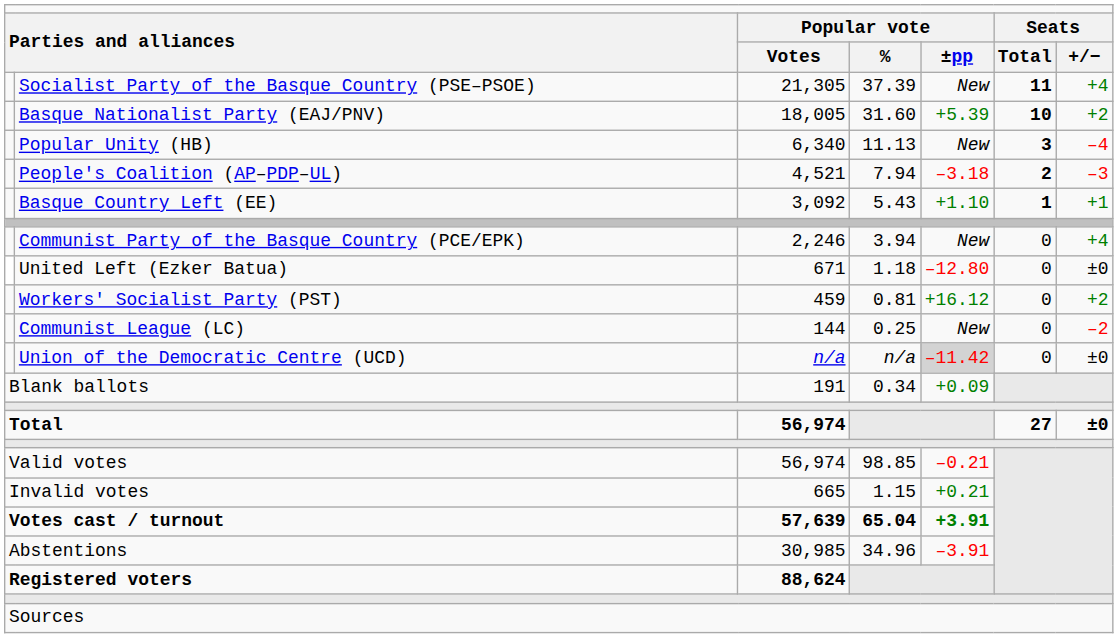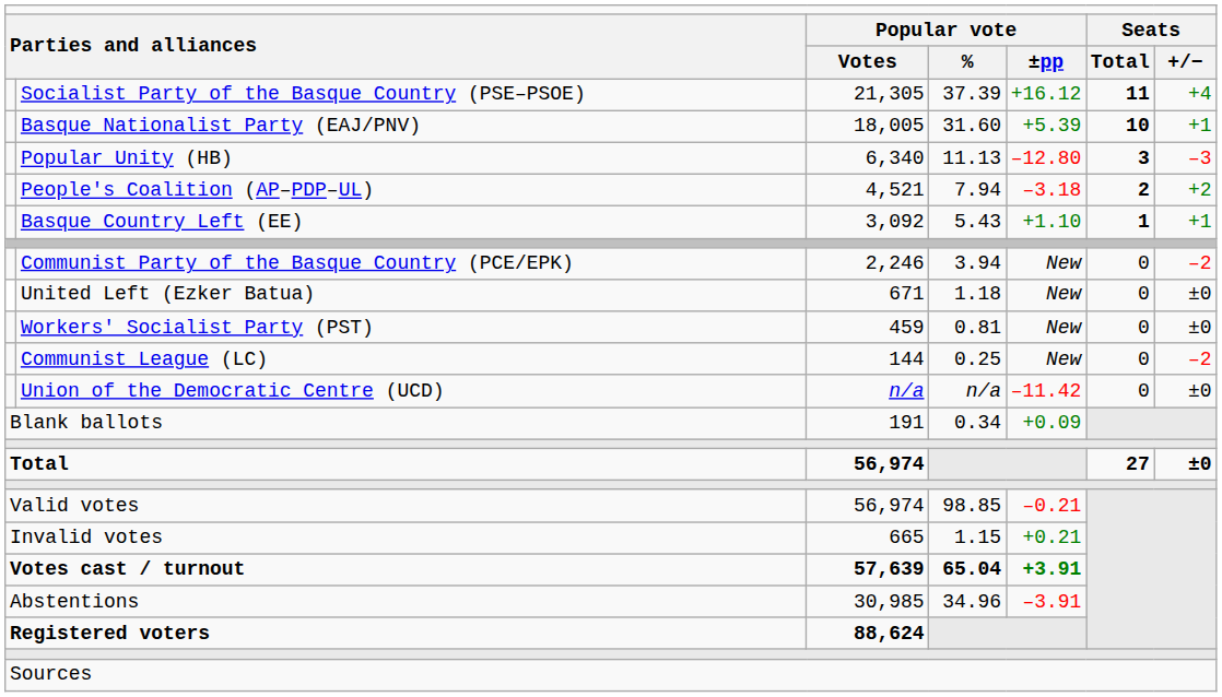 <table class="wikitable" style="text-align:right;">
 <tr>
 <td colspan="7"></td>
 </tr>
 <tr>
 <th style="text-align:left;" rowspan="2" colspan="2" width="525">Parties and alliances</th>
 <th colspan="3">Popular vote</th>
 <th colspan="2">Seats</th>
 </tr>
 <tr>
 <th width="75">Votes</th>
 <th width="45">%</th>
 <th width="45">±<a href='#'>pp</a></th>
 <th width="35">Total</th>
 <th width="35">+/−</th>
 </tr>
 <tr>
 <td width="1" style="color:inherit;background:"></td>
 <td align="left"><a href='#'>Socialist Party of the Basque Country</a> (PSE–PSOE)</td>
 <td>21,305</td>
 <td>37.39</td>
-<td><em>New</em></td>
+<td style="color:green;">+16.12</td>
 <td><strong>11</strong></td>
 <td style="color:green;">+4</td>
 </tr>
 <tr>
 <td style="color:inherit;background:"></td>
 <td align="left"><a href='#'>Basque Nationalist Party</a> (EAJ/PNV)</td>
 <td>18,005</td>
 <td>31.60</td>
 <td style="color:green;">+5.39</td>
 <td><strong>10</strong></td>
-<td style="color:green;">+2</td>
+<td style="color:green;">+1</td>
 </tr>
 <tr>
 <td style="color:inherit;background:"></td>
 <td align="left"><a href='#'>Popular Unity</a> (HB)</td>
 <td>6,340</td>
 <td>11.13</td>
-<td><em>New</em></td>
+<td style="color:red;">–12.80</td>
 <td><strong>3</strong></td>
-<td style="color:red;">–4</td>
+<td style="color:red;">–3</td>
 </tr>
 <tr>
 <td style="color:inherit;background:"></td>
 <td align="left"><a href='#'>People's Coalition</a> (<a href='#'>AP</a>–<a href='#'>PDP</a>–<a href='#'>UL</a>)</td>
 <td>4,521</td>
 <td>7.94</td>
 <td style="color:red;">–3.18</td>
 <td><strong>2</strong></td>
-<td style="color:red;">–3</td>
+<td style="color:green;">+2</td>
 </tr>
 <tr>
 <td style="color:inherit;background:"></td>
 <td align="left"><a href='#'>Basque Country Left</a> (EE)</td>
 <td>3,092</td>
 <td>5.43</td>
 <td style="color:green;">+1.10</td>
 <td><strong>1</strong></td>
 <td style="color:green;">+1</td>
 </tr>
 <tr>
 <td colspan="7" bgcolor="#C0C0C0"></td>
 </tr>
 <tr>
 <td style="color:inherit;background:"></td>
 <td align="left"><a href='#'>Communist Party of the Basque Country</a> (PCE/EPK)</td>
 <td>2,246</td>
 <td>3.94</td>
 <td><em>New</em></td>
 <td>0</td>
-<td style="color:green;">+4</td>
+<td style="color:red;">–2</td>
 </tr>
 <tr>
 <td bgcolor="white"></td>
 <td align="left">United Left (Ezker Batua)</td>
 <td>671</td>
 <td>1.18</td>
-<td style="color:red;">–12.80</td>
+<td><em>New</em></td>
 <td>0</td>
 <td>±0</td>
 </tr>
 <tr>
 <td style="color:inherit;background:"></td>
 <td align="left"><a href='#'>Workers' Socialist Party</a> (PST)</td>
 <td>459</td>
 <td>0.81</td>
-<td style="color:green;">+16.12</td>
+<td><em>New</em></td>
 <td>0</td>
-<td style="color:green;">+2</td>
+<td>±0</td>
 </tr>
 <tr>
 <td style="color:inherit;background:"></td>
 <td align="left"><a href='#'>Communist League</a> (LC)</td>
 <td>144</td>
 <td>0.25</td>
 <td><em>New</em></td>
 <td>0</td>
 <td style="color:red;">–2</td>
 </tr>
 <tr>
 <td style="color:inherit;background:"></td>
 <td align="left"><a href='#'>Union of the Democratic Centre</a> (UCD)</td>
 <td><em><a href='#'>n/a</a></em></td>
 <td><em>n/a</em></td>
-<td style="background: lightgrey; color:red;">–11.42</td>
+<td style="color:red;">–11.42</td>
 <td>0</td>
 <td>±0</td>
 </tr>
 <tr>
 <td align="left" colspan="2">Blank ballots</td>
 <td>191</td>
 <td>0.34</td>
 <td style="color:green;">+0.09</td>
 <td bgcolor="#E9E9E9" colspan="2"></td>
 </tr>
 <tr>
 <td colspan="7" bgcolor="#E9E9E9"></td>
 </tr>
 <tr style="font-weight:bold;">
 <td align="left" colspan="2">Total</td>
 <td>56,974</td>
 <td bgcolor="#E9E9E9" colspan="2"></td>
 <td>27</td>
 <td>±0</td>
 </tr>
 <tr>
 <td colspan="7" bgcolor="#E9E9E9"></td>
 </tr>
 <tr>
 <td align="left" colspan="2">Valid votes</td>
 <td>56,974</td>
 <td>98.85</td>
 <td style="color:red;">–0.21</td>
 <td bgcolor="#E9E9E9" colspan="2" rowspan="5"></td>
 </tr>
 <tr>
 <td align="left" colspan="2">Invalid votes</td>
 <td>665</td>
 <td>1.15</td>
 <td style="color:green;">+0.21</td>
 </tr>
 <tr style="font-weight:bold;">
 <td align="left" colspan="2">Votes cast / turnout</td>
 <td>57,639</td>
 <td>65.04</td>
 <td style="color:green;">+3.91</td>
 </tr>
 <tr>
 <td align="left" colspan="2">Abstentions</td>
 <td>30,985</td>
 <td>34.96</td>
 <td style="color:red;">–3.91</td>
 </tr>
 <tr style="font-weight:bold;">
 <td align="left" colspan="2">Registered voters</td>
 <td>88,624</td>
 <td bgcolor="#E9E9E9" colspan="2"></td>
 </tr>
 <tr>
 <td colspan="7" bgcolor="#E9E9E9"></td>
 </tr>
 <tr>
 <td align="left" colspan="7">Sources</td>
 </tr>
 </table>
